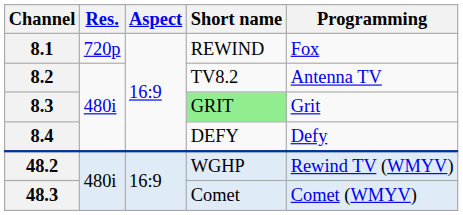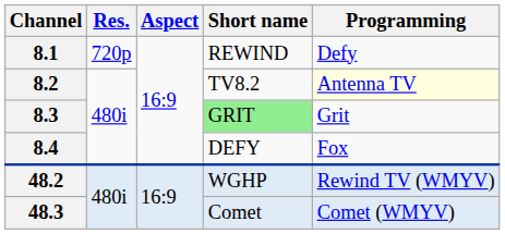 <table class="wikitable">
 <tr>
 <th scope = "col">Channel</th>
 <th scope = "col"><a href='#'>Res.</a></th>
 <th scope = "col"><a href='#'>Aspect</a></th>
 <th scope = "col">Short name</th>
 <th scope = "col">Programming</th>
 </tr>
 <tr>
 <th scope = "row">8.1</th>
 <td><a href='#'>720p</a></td>
 <td rowspan=4><a href='#'>16:9</a></td>
 <td>REWIND</td>
-<td><a href='#'>Fox</a></td>
+<td><a href='#'>Defy</a></td>
 </tr>
 <tr>
 <th scope = "row">8.2</th>
 <td rowspan="3"><a href='#'>480i</a></td>
 <td>TV8.2</td>
-<td><a href='#'>Antenna TV</a></td>
+<td style="background: lightyellow;"><a href='#'>Antenna TV</a></td>
 </tr>
 <tr>
 <th scope = "row">8.3</th>
 <td style="background: lightgreen;">GRIT</td>
 <td><a href='#'>Grit</a></td>
 </tr>
 <tr>
 <th scope = "row">8.4</th>
 <td>DEFY</td>
-<td><a href='#'>Defy</a></td>
+<td><a href='#'>Fox</a></td>
 </tr>
 <tr style="background-color:#DFEBF6; border-top: 2px solid #003399;">
 <th scope = "row">48.2</th>
 <td rowspan=2>480i</td>
 <td rowspan=2>16:9</td>
 <td>WGHP</td>
 <td><a href='#'>Rewind TV</a> (<a href='#'>WMYV</a>)</td>
 </tr>
 <tr style="background-color:#DFEBF6;">
 <th scope = "row">48.3</th>
 <td>Comet</td>
 <td><a href='#'>Comet</a> (<a href='#'>WMYV</a>)</td>
 </tr>
 </table>
